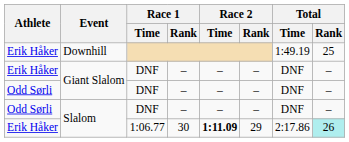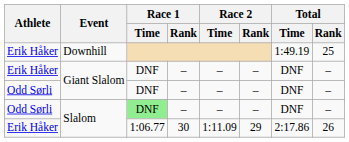 <table class="wikitable" style="font-size:90%">
 <tr>
 <th rowspan="2">Athlete</th>
 <th rowspan="2">Event</th>
 <th colspan="2">Race 1</th>
 <th colspan="2">Race 2</th>
 <th colspan="2">Total</th>
 </tr>
 <tr>
 <th>Time</th>
 <th>Rank</th>
 <th>Time</th>
 <th>Rank</th>
 <th>Time</th>
 <th>Rank</th>
 </tr>
 <tr>
 <td><a href='#'>Erik Håker</a></td>
 <td>Downhill</td>
 <td colspan="4" bgcolor="wheat"></td>
 <td align="center">1:49.19</td>
 <td align="center">25</td>
 </tr>
 <tr>
 <td><a href='#'>Erik Håker</a></td>
 <td rowspan="2">Giant Slalom</td>
 <td align="center">DNF</td>
 <td align="center">–</td>
 <td align="center">–</td>
 <td align="center">–</td>
 <td align="center">DNF</td>
 <td align="center">–</td>
 </tr>
 <tr>
 <td><a href='#'>Odd Sørli</a></td>
 <td align="center">DNF</td>
 <td align="center">–</td>
 <td align="center">–</td>
 <td align="center">–</td>
 <td align="center">DNF</td>
 <td align="center">–</td>
 </tr>
 <tr>
 <td><a href='#'>Odd Sørli</a></td>
 <td rowspan="2">Slalom</td>
-<td align="center">DNF</td>
+<td align="center" style="background: lightgreen;">DNF</td>
 <td align="center">–</td>
 <td align="center">–</td>
 <td align="center">–</td>
 <td align="center">DNF</td>
 <td align="center">–</td>
 </tr>
 <tr>
 <td><a href='#'>Erik Håker</a></td>
 <td align="center">1:06.77</td>
 <td align="center">30</td>
-<td align="center"><strong>1:11.09</strong></td>
+<td align="center">1:11.09</td>
 <td align="center">29</td>
 <td align="center">2:17.86</td>
-<td align="center" style="background: paleturquoise;">26</td>
+<td align="center">26</td>
 </tr>
 </table>
